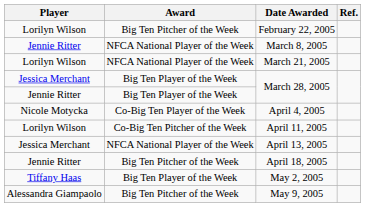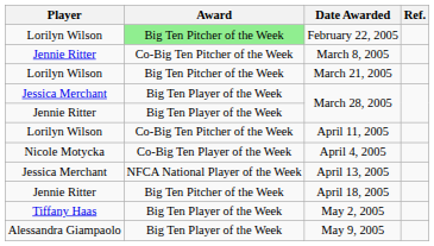 <table class="wikitable sortable sortable" style="text-align: center">
 <tr align=center>
 <th>Player</th>
 <th>Award</th>
 <th>Date Awarded</th>
 <th>Ref.</th>
 </tr>
 <tr>
 <td>Lorilyn Wilson</td>
-<td>Big Ten Pitcher of the Week</td>
+<td style="background: lightgreen;">Big Ten Pitcher of the Week</td>
 <td>February 22, 2005</td>
 <td></td>
 </tr>
 <tr>
 <td><a href='#'>Jennie Ritter</a></td>
-<td>NFCA National Player of the Week</td>
+<td>Co-Big Ten Pitcher of the Week</td>
 <td>March 8, 2005</td>
 <td></td>
 </tr>
 <tr>
 <td>Lorilyn Wilson</td>
-<td>NFCA National Player of the Week</td>
+<td>Big Ten Pitcher of the Week</td>
 <td>March 21, 2005</td>
 <td></td>
 </tr>
 <tr>
 <td><a href='#'>Jessica Merchant</a></td>
 <td>Big Ten Player of the Week</td>
 <td rowspan="2">March 28, 2005</td>
 <td rowspan="2"></td>
 </tr>
 <tr>
 <td>Jennie Ritter</td>
 <td>Big Ten Player of the Week</td>
 </tr>
 <tr>
+<td>Lorilyn Wilson</td>
+<td>Co-Big Ten Pitcher of the Week</td>
+<td>April 11, 2005</td>
+<td></td>
+</tr>
+<tr>
 <td>Nicole Motycka</td>
 <td>Co-Big Ten Player of the Week</td>
 <td>April 4, 2005</td>
-<td></td>
-</tr>
-<tr>
-<td>Lorilyn Wilson</td>
-<td>Co-Big Ten Pitcher of the Week</td>
-<td>April 11, 2005</td>
 <td></td>
 </tr>
 <tr>
 <td>Jessica Merchant</td>
 <td>NFCA National Player of the Week</td>
 <td>April 13, 2005</td>
 <td></td>
 </tr>
 <tr>
 <td>Jennie Ritter</td>
 <td>Big Ten Pitcher of the Week</td>
 <td>April 18, 2005</td>
 <td></td>
 </tr>
 <tr>
 <td><a href='#'>Tiffany Haas</a></td>
 <td>Big Ten Player of the Week</td>
 <td>May 2, 2005</td>
 <td></td>
 </tr>
 <tr>
 <td>Alessandra Giampaolo</td>
-<td>Big Ten Pitcher of the Week</td>
+<td>Big Ten Player of the Week</td>
 <td>May 9, 2005</td>
 <td></td>
 </tr>
 </table>
